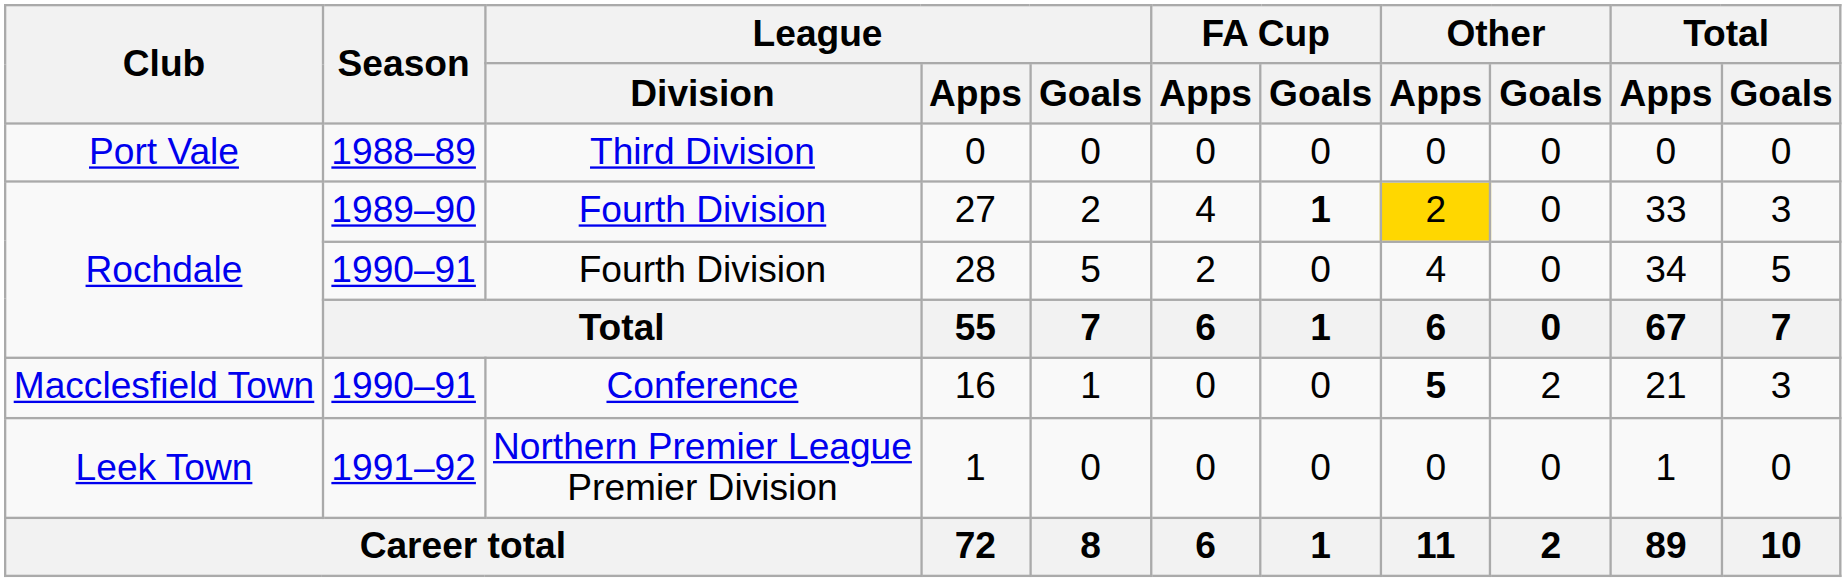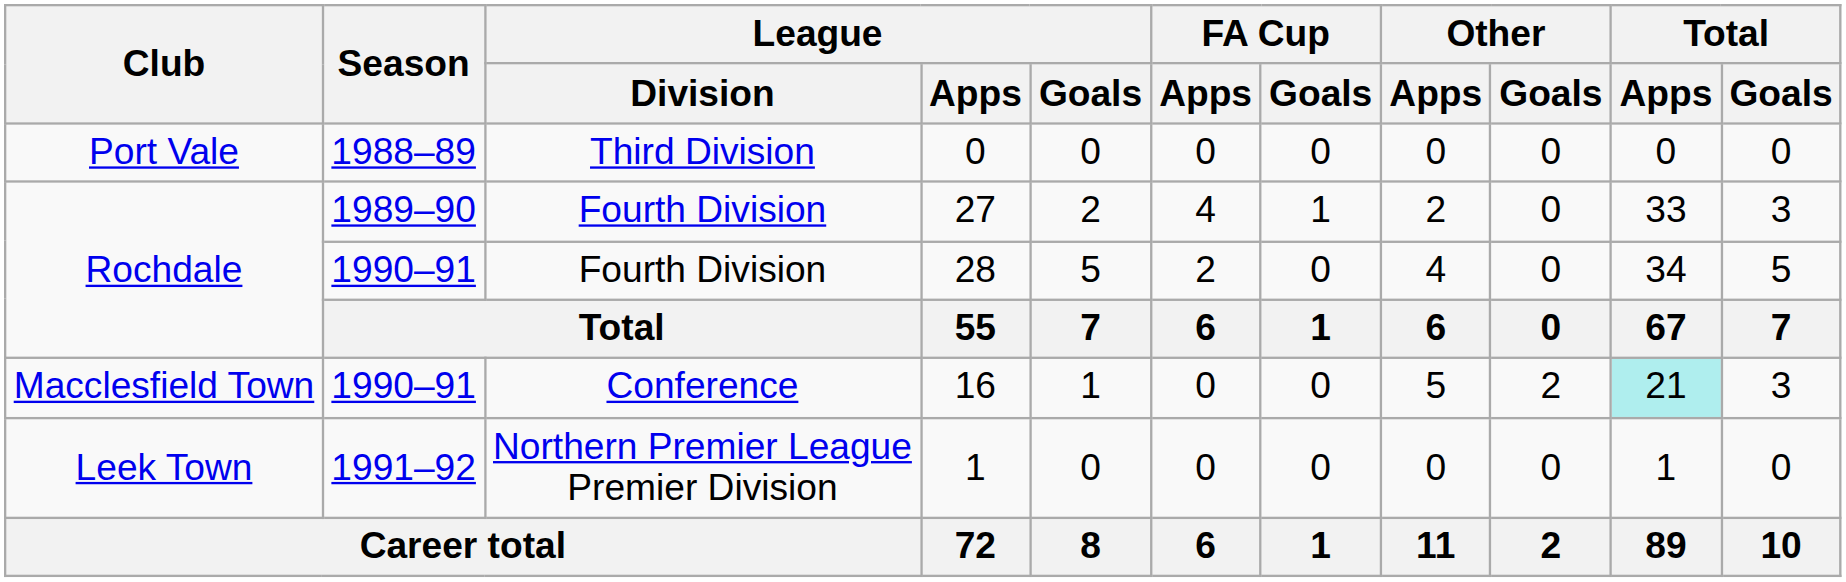 <table class="wikitable" style="text-align: center;">
 <tr>
 <th rowspan="2">Club</th>
 <th rowspan="2">Season</th>
 <th colspan="3">League</th>
 <th colspan="2">FA Cup</th>
 <th colspan="2">Other</th>
 <th colspan="2">Total</th>
 </tr>
 <tr>
 <th>Division</th>
 <th>Apps</th>
 <th>Goals</th>
 <th>Apps</th>
 <th>Goals</th>
 <th>Apps</th>
 <th>Goals</th>
 <th>Apps</th>
 <th>Goals</th>
 </tr>
 <tr>
 <td><a href='#'>Port Vale</a></td>
 <td><a href='#'>1988–89</a></td>
 <td><a href='#'>Third Division</a></td>
 <td>0</td>
 <td>0</td>
 <td>0</td>
 <td>0</td>
 <td>0</td>
 <td>0</td>
 <td>0</td>
 <td>0</td>
 </tr>
 <tr>
 <td rowspan="3"><a href='#'>Rochdale</a></td>
 <td><a href='#'>1989–90</a></td>
 <td><a href='#'>Fourth Division</a></td>
 <td>27</td>
 <td>2</td>
 <td>4</td>
-<td><strong>1</strong></td>
-<td style="background: gold;">2</td>
+<td>1</td>
+<td>2</td>
 <td>0</td>
 <td>33</td>
 <td>3</td>
 </tr>
 <tr>
 <td><a href='#'>1990–91</a></td>
 <td>Fourth Division</td>
 <td>28</td>
 <td>5</td>
 <td>2</td>
 <td>0</td>
 <td>4</td>
 <td>0</td>
 <td>34</td>
 <td>5</td>
 </tr>
 <tr>
 <th colspan="2">Total</th>
 <th>55</th>
 <th>7</th>
 <th>6</th>
 <th>1</th>
 <th>6</th>
 <th>0</th>
 <th>67</th>
 <th>7</th>
 </tr>
 <tr>
 <td><a href='#'>Macclesfield Town</a></td>
 <td><a href='#'>1990–91</a></td>
 <td><a href='#'>Conference</a></td>
 <td>16</td>
 <td>1</td>
 <td>0</td>
 <td>0</td>
-<td><strong>5</strong></td>
+<td>5</td>
 <td>2</td>
-<td>21</td>
+<td style="background: paleturquoise;">21</td>
 <td>3</td>
 </tr>
 <tr>
 <td><a href='#'>Leek Town</a></td>
 <td><a href='#'>1991–92</a></td>
 <td><a href='#'>Northern Premier League</a><br>Premier Division</td>
 <td>1</td>
 <td>0</td>
 <td>0</td>
 <td>0</td>
 <td>0</td>
 <td>0</td>
 <td>1</td>
 <td>0</td>
 </tr>
 <tr>
 <th colspan="3">Career total</th>
 <th>72</th>
 <th>8</th>
 <th>6</th>
 <th>1</th>
 <th>11</th>
 <th>2</th>
 <th>89</th>
 <th>10</th>
 </tr>
 </table>
